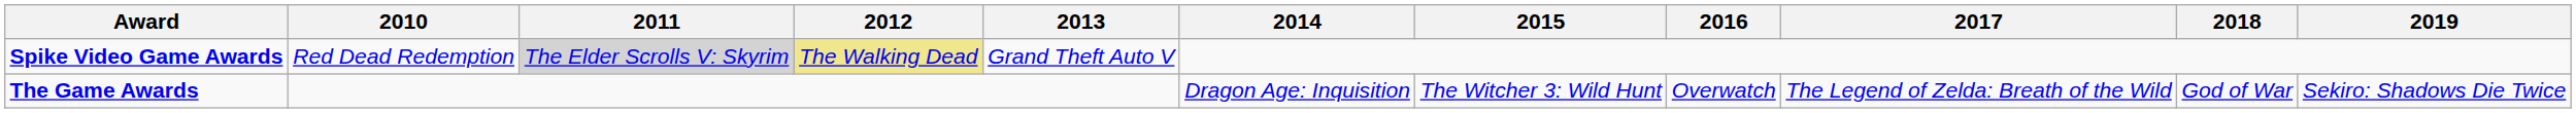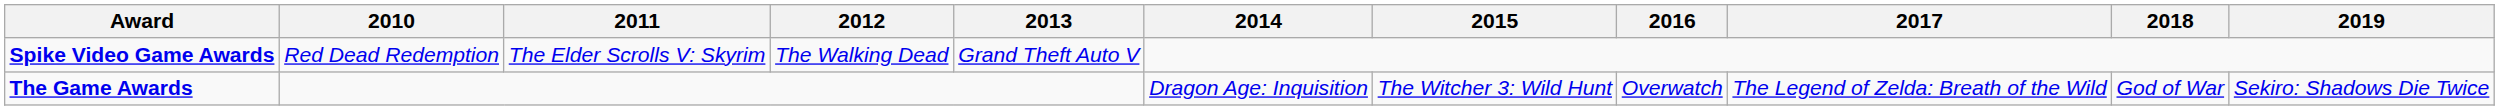 <table class="wikitable">
 <tr>
 <th>Award</th>
 <th>2010</th>
 <th>2011</th>
 <th>2012</th>
 <th>2013</th>
 <th>2014</th>
 <th>2015</th>
 <th>2016</th>
 <th>2017</th>
 <th>2018</th>
 <th>2019</th>
 </tr>
 <tr>
 <td><strong><a href='#'>Spike Video Game Awards</a></strong></td>
 <td><em><a href='#'>Red Dead Redemption</a></em></td>
-<td style="background: lightgrey;"><em><a href='#'>The Elder Scrolls V: Skyrim</a></em></td>
-<td style="background: khaki;"><em><a href='#'>The Walking Dead</a></em></td>
+<td><em><a href='#'>The Elder Scrolls V: Skyrim</a></em></td>
+<td><em><a href='#'>The Walking Dead</a></em></td>
 <td><em><a href='#'>Grand Theft Auto V</a></em></td>
 <td colspan="6"></td>
 </tr>
 <tr>
 <td><strong><a href='#'>The Game Awards</a></strong></td>
 <td colspan="4"></td>
 <td><em><a href='#'>Dragon Age: Inquisition</a></em></td>
 <td><em><a href='#'>The Witcher 3: Wild Hunt</a></em></td>
 <td><em><a href='#'>Overwatch</a></em></td>
 <td><em><a href='#'>The Legend of Zelda: Breath of the Wild</a></em></td>
 <td><em><a href='#'>God of War</a></em></td>
 <td><em><a href='#'>Sekiro: Shadows Die Twice</a></em></td>
 </tr>
 </table>
